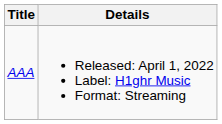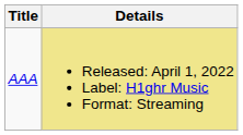 <table class="wikitable">
 <tr>
 <th>Title</th>
 <th>Details</th>
 </tr>
 <tr>
 <td><em><a href='#'>AAA</a></em></td>
-<td><br><ul><li>Released: April 1, 2022</li><li>Label: <a href='#'>H1ghr Music</a></li><li>Format: Streaming</li></ul></td>
+<td style="background: khaki;"><br><ul><li>Released: April 1, 2022</li><li>Label: <a href='#'>H1ghr Music</a></li><li>Format: Streaming</li></ul></td>
 </tr>
 </table>
